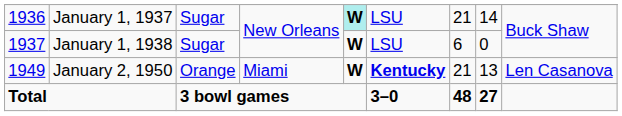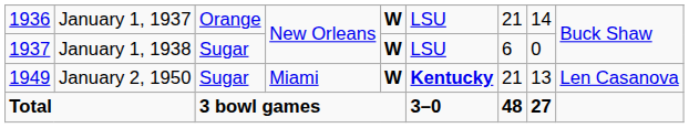 <table class="wikitable" style="text-align: ;">
 <tr>
 </tr>
 <tr>
 <td><a href='#'>1936</a></td>
 <td>January 1, 1937</td>
-<td><a href='#'>Sugar</a></td>
+<td><a href='#'>Orange</a></td>
 <td rowspan=2><a href='#'>New Orleans</a></td>
-<td style="background: paleturquoise;"><strong>W</strong></td>
+<td><strong>W</strong></td>
 <td><a href='#'>LSU</a></td>
 <td>21</td>
 <td>14</td>
 <td rowspan=2><a href='#'>Buck Shaw</a></td>
 </tr>
 <tr>
 <td><a href='#'>1937</a></td>
 <td>January 1, 1938</td>
 <td><a href='#'>Sugar</a></td>
 <td><strong>W</strong></td>
 <td><a href='#'>LSU</a></td>
 <td>6</td>
 <td>0</td>
 </tr>
 <tr>
 <td><a href='#'>1949</a></td>
 <td>January 2, 1950</td>
-<td><a href='#'>Orange</a></td>
+<td><a href='#'>Sugar</a></td>
 <td><a href='#'>Miami</a></td>
 <td><strong>W</strong></td>
 <td><strong><a href='#'>Kentucky</a></strong></td>
 <td>21</td>
 <td>13</td>
 <td><a href='#'>Len Casanova</a></td>
 </tr>
 <tr>
 <td colspan="2"><strong>Total</strong></td>
 <td colspan="3"><strong>3 bowl games</strong></td>
 <td><strong>3–0</strong></td>
 <td><strong>48</strong></td>
 <td><strong>27</strong></td>
 <td></td>
 </tr>
 </table>
